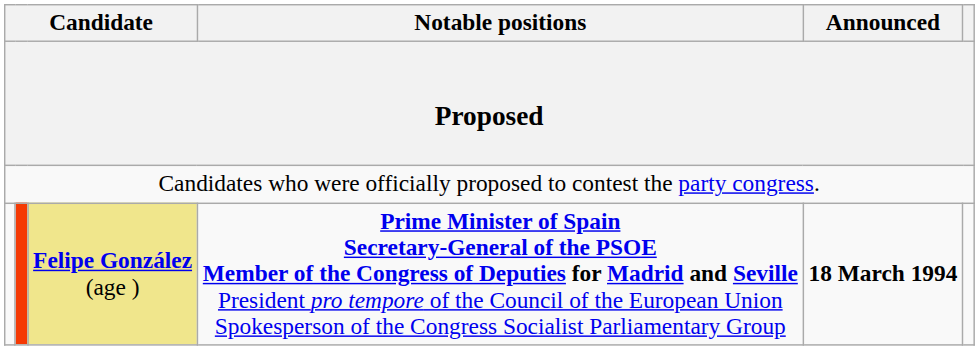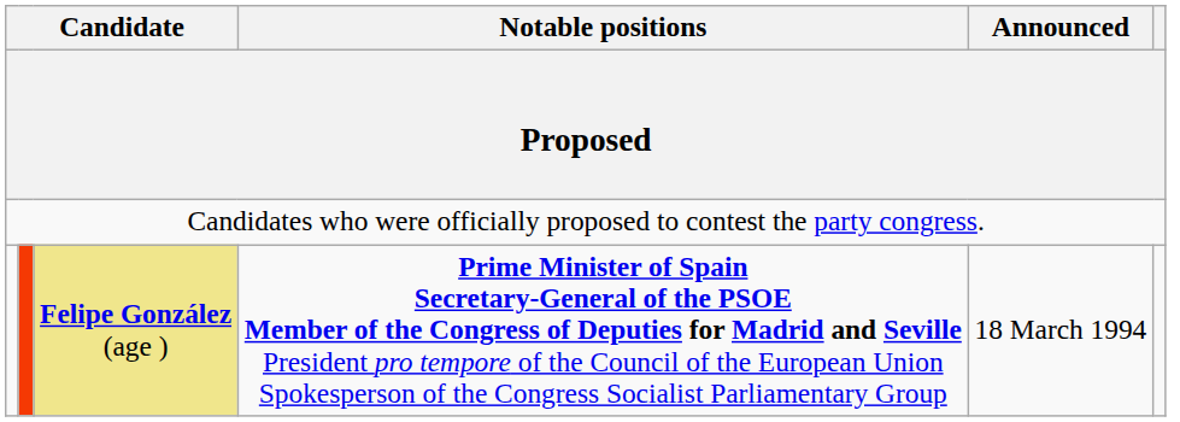 <table class="wikitable" style="text-align:center;">
 <tr>
 <th colspan="3">Candidate</th>
 <th>Notable positions</th>
 <th>Announced</th>
 <th></th>
 </tr>
 <tr>
 <th colspan="6"><br><h3>Proposed</h3></th>
 </tr>
 <tr>
 <td colspan="6">Candidates who were officially proposed to contest the <a href='#'>party congress</a>.</td>
 </tr>
 <tr>
 <td></td>
 <td width="1px" style="color:inherit;background:#F53903"></td>
 <td style="background: khaki;"><strong><a href='#'>Felipe González</a></strong><br>(age )</td>
 <td><strong><a href='#'>Prime Minister of Spain</a> <br><a href='#'>Secretary-General of the PSOE</a> <br><a href='#'>Member of the Congress of Deputies</a> for <a href='#'>Madrid</a> and <a href='#'>Seville</a> </strong><br><a href='#'>President <em>pro tempore</em> of the Council of the European Union</a> <br><a href='#'>Spokesperson of the Congress Socialist Parliamentary Group</a> </td>
-<td><strong>18 March 1994</strong></td>
+<td>18 March 1994</td>
 <td></td>
 </tr>
 </table>
